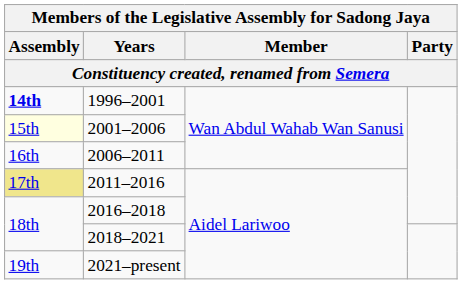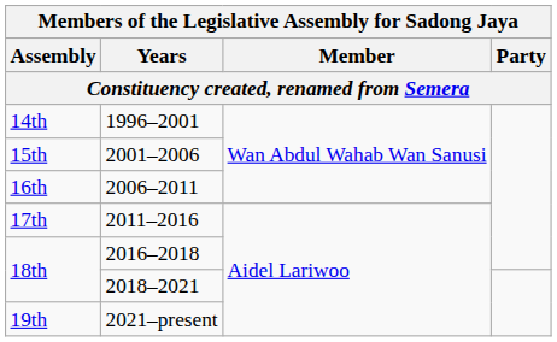 <table class=wikitable>
 <tr>
 <th colspan=5>Members of the Legislative Assembly for Sadong Jaya</th>
 </tr>
 <tr>
 <th>Assembly</th>
 <th>Years</th>
 <th>Member</th>
 <th>Party</th>
 </tr>
 <tr>
 <th colspan=4 align=center><em>Constituency created, renamed from <a href='#'>Semera</a></em></th>
 </tr>
 <tr>
-<td><strong><a href='#'>14th</a></strong></td>
+<td><a href='#'>14th</a></td>
 <td>1996–2001</td>
 <td rowspan=3><a href='#'>Wan Abdul Wahab Wan Sanusi</a></td>
 <td rowspan=5></td>
 </tr>
 <tr>
-<td style="background: lightyellow;"><a href='#'>15th</a></td>
+<td><a href='#'>15th</a></td>
 <td>2001–2006</td>
 </tr>
 <tr>
 <td><a href='#'>16th</a></td>
 <td>2006–2011</td>
 </tr>
 <tr>
-<td style="background: khaki;"><a href='#'>17th</a></td>
+<td><a href='#'>17th</a></td>
 <td>2011–2016</td>
 <td rowspan="4"><a href='#'>Aidel Lariwoo</a></td>
 </tr>
 <tr>
 <td rowspan="2"><a href='#'>18th</a></td>
 <td>2016–2018</td>
 </tr>
 <tr>
 <td>2018–2021</td>
 <td rowspan="2"></td>
 </tr>
 <tr>
 <td><a href='#'>19th</a></td>
 <td>2021–present</td>
 </tr>
 </table>
